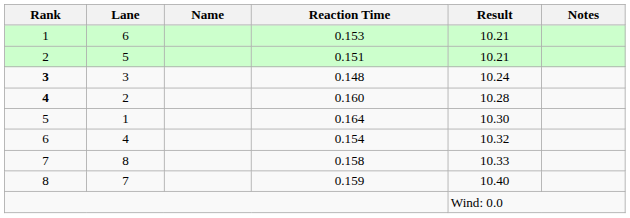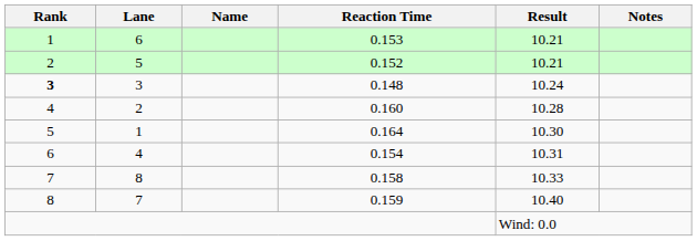 <table class="wikitable" style="text-align:center;width: 60%">
 <tr>
 <th>Rank</th>
 <th>Lane</th>
 <th>Name</th>
 <th>Reaction Time</th>
 <th>Result</th>
 <th>Notes</th>
 </tr>
 <tr bgcolor=ccffcc>
 <td>1</td>
 <td>6</td>
 <td align="left"></td>
 <td>0.153</td>
 <td>10.21</td>
 <td></td>
 </tr>
 <tr bgcolor=ccffcc>
 <td>2</td>
 <td>5</td>
 <td align="left"></td>
-<td>0.151</td>
+<td>0.152</td>
 <td>10.21</td>
 <td></td>
 </tr>
 <tr>
 <td><strong>3</strong></td>
 <td>3</td>
 <td align="left"></td>
 <td>0.148</td>
 <td>10.24</td>
 <td></td>
 </tr>
 <tr>
-<td><strong>4</strong></td>
+<td>4</td>
 <td>2</td>
 <td align="left"></td>
 <td>0.160</td>
 <td>10.28</td>
 <td></td>
 </tr>
 <tr>
 <td>5</td>
 <td>1</td>
 <td align="left"></td>
 <td>0.164</td>
 <td>10.30</td>
 <td></td>
 </tr>
 <tr>
 <td>6</td>
 <td>4</td>
 <td align="left"></td>
 <td>0.154</td>
-<td>10.32</td>
+<td>10.31</td>
 <td></td>
 </tr>
 <tr>
 <td>7</td>
 <td>8</td>
 <td align="left"></td>
 <td>0.158</td>
 <td>10.33</td>
 <td></td>
 </tr>
 <tr>
 <td>8</td>
 <td>7</td>
 <td align="left"></td>
 <td>0.159</td>
 <td>10.40</td>
 <td></td>
 </tr>
 <tr class="sortbottom">
 <td colspan=4></td>
 <td colspan="2" style="text-align:left;">Wind: 0.0</td>
 </tr>
 </table>
